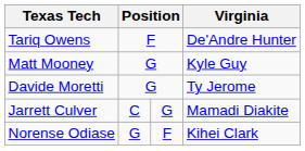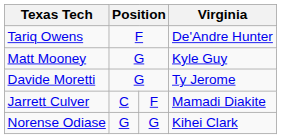 <table class="wikitable">
 <tr>
 <th>Texas Tech</th>
 <th colspan="2">Position</th>
 <th>Virginia</th>
 </tr>
 <tr>
 <td><a href='#'>Tariq Owens</a></td>
 <td colspan=2 style="text-align:center"><a href='#'>F</a></td>
 <td><a href='#'>De'Andre Hunter</a></td>
 </tr>
 <tr>
 <td><a href='#'>Matt Mooney</a></td>
 <td colspan=2 style="text-align:center"><a href='#'>G</a></td>
 <td><a href='#'>Kyle Guy</a></td>
 </tr>
 <tr>
 <td><a href='#'>Davide Moretti</a></td>
 <td colspan=2 style="text-align:center"><a href='#'>G</a></td>
 <td><a href='#'>Ty Jerome</a></td>
 </tr>
 <tr>
 <td><a href='#'>Jarrett Culver</a></td>
 <td style="text-align:center"><a href='#'>C</a></td>
-<td style="text-align:center"><a href='#'>G</a></td>
+<td style="text-align:center"><a href='#'>F</a></td>
 <td><a href='#'>Mamadi Diakite</a></td>
 </tr>
 <tr>
 <td><a href='#'>Norense Odiase</a></td>
 <td style="text-align:center"><a href='#'>G</a></td>
-<td style="text-align:center"><a href='#'>F</a></td>
+<td style="text-align:center"><a href='#'>G</a></td>
 <td><a href='#'>Kihei Clark</a></td>
 </tr>
 </table>
